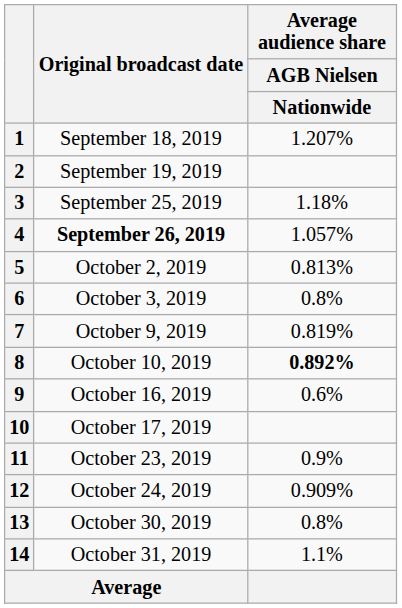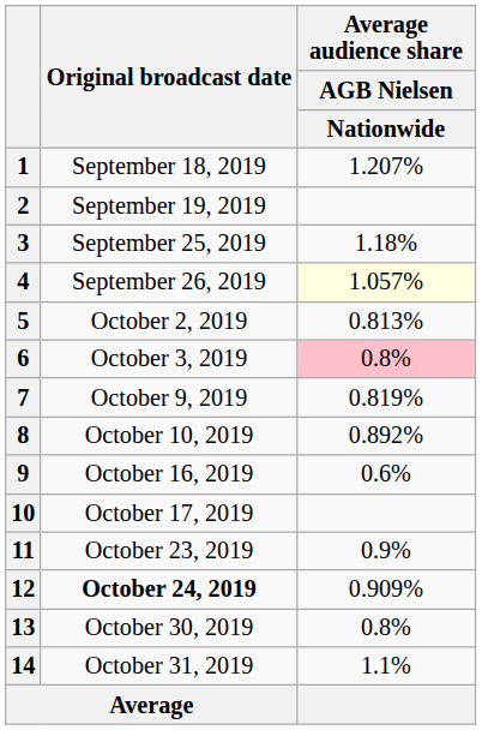 <table class="wikitable" style="text-align:center">
 <tr>
 <th rowspan="3"></th>
 <th rowspan="3">Original broadcast date</th>
 <th width="110">Average audience share</th>
 </tr>
 <tr>
 <th>AGB Nielsen</th>
 </tr>
 <tr>
 <th>Nationwide</th>
 </tr>
 <tr>
 <th>1</th>
 <td>September 18, 2019</td>
 <td>1.207%</td>
 </tr>
 <tr>
 <th>2</th>
 <td>September 19, 2019</td>
 <td></td>
 </tr>
 <tr>
 <th>3</th>
 <td>September 25, 2019</td>
 <td>1.18%</td>
 </tr>
 <tr>
 <th>4</th>
-<td><strong>September 26, 2019</strong></td>
-<td>1.057%</td>
+<td>September 26, 2019</td>
+<td style="background: lightyellow;">1.057%</td>
 </tr>
 <tr>
 <th>5</th>
 <td>October 2, 2019</td>
 <td>0.813%</td>
 </tr>
 <tr>
 <th>6</th>
 <td>October 3, 2019</td>
-<td>0.8%</td>
+<td style="background: pink;">0.8%</td>
 </tr>
 <tr>
 <th>7</th>
 <td>October 9, 2019</td>
 <td>0.819%</td>
 </tr>
 <tr>
 <th>8</th>
 <td>October 10, 2019</td>
-<td><strong>0.892%</strong></td>
+<td>0.892%</td>
 </tr>
 <tr>
 <th>9</th>
 <td>October 16, 2019</td>
 <td>0.6%</td>
 </tr>
 <tr>
 <th>10</th>
 <td>October 17, 2019</td>
 <td></td>
 </tr>
 <tr>
 <th>11</th>
 <td>October 23, 2019</td>
 <td>0.9%</td>
 </tr>
 <tr>
 <th>12</th>
-<td>October 24, 2019</td>
+<td><strong>October 24, 2019</strong></td>
 <td>0.909%</td>
 </tr>
 <tr>
 <th>13</th>
 <td>October 30, 2019</td>
 <td>0.8%</td>
 </tr>
 <tr>
 <th>14</th>
 <td>October 31, 2019</td>
 <td>1.1%</td>
 </tr>
 <tr>
 <th colspan="2">Average</th>
 <th></th>
 </tr>
 </table>
